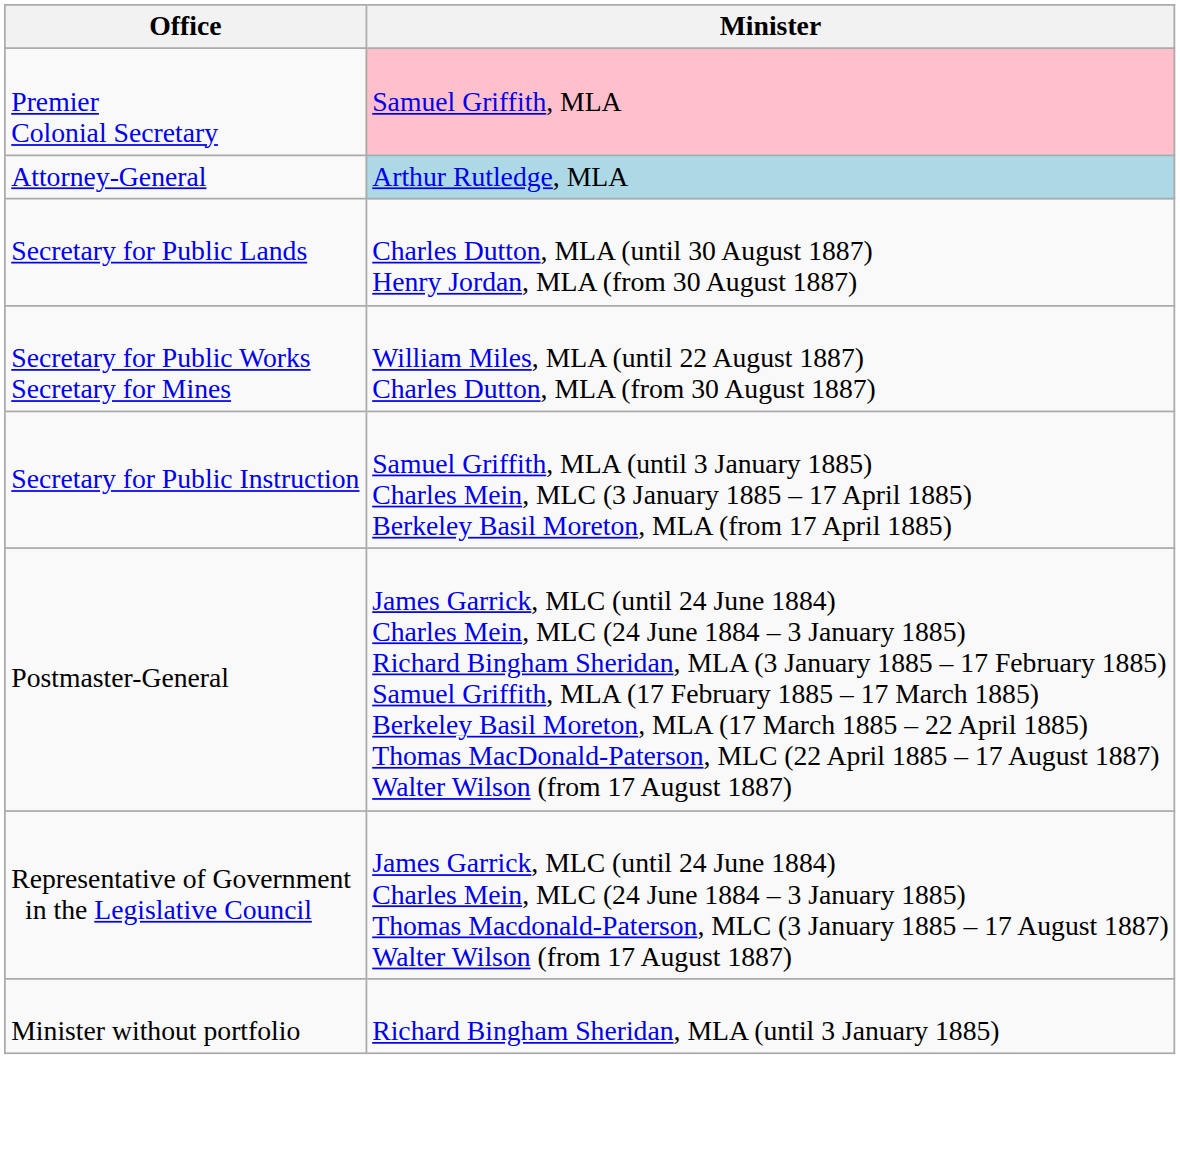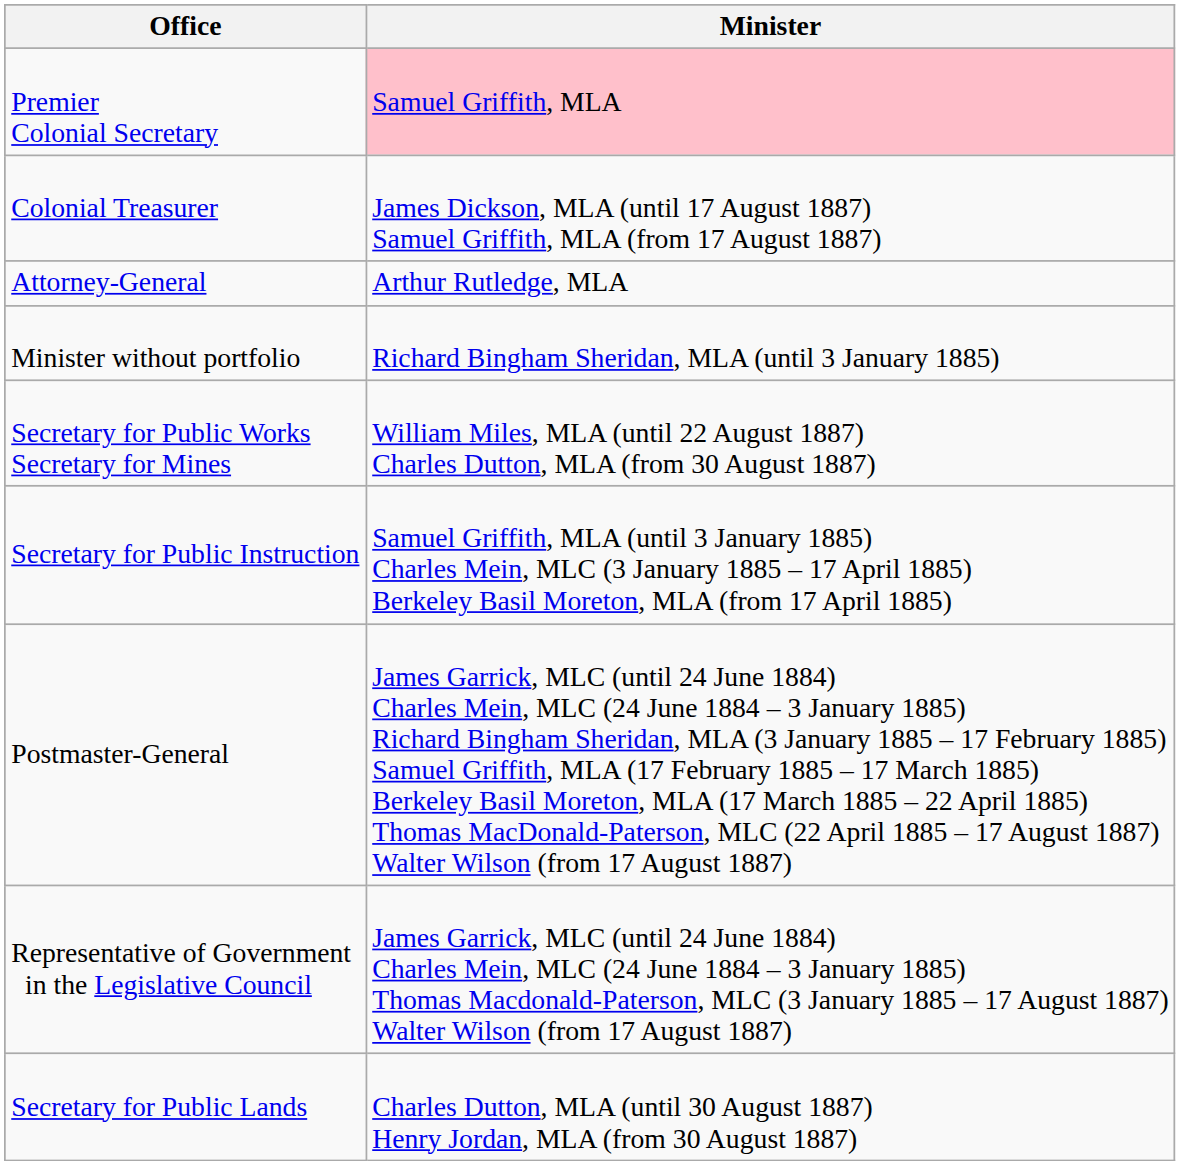 <table class="wikitable">
 <tr>
 <th>Office</th>
 <th>Minister</th>
 </tr>
 <tr>
 <td><br><a href='#'>Premier</a><br> <a href='#'>Colonial Secretary</a><br></td>
 <td style="background: pink;"><a href='#'>Samuel Griffith</a>, MLA</td>
 </tr>
 <tr>
-<td><a href='#'>Attorney-General</a></td>
-<td style="background: lightblue;"><a href='#'>Arthur Rutledge</a>, MLA</td>
+<td><a href='#'>Colonial Treasurer</a></td>
+<td><br><a href='#'>James Dickson</a>, MLA (until 17 August 1887)<br> <a href='#'>Samuel Griffith</a>, MLA (from 17 August 1887)</td>
 </tr>
 <tr>
-<td><a href='#'>Secretary for Public Lands</a></td>
-<td><br><a href='#'>Charles Dutton</a>, MLA (until 30 August 1887)<br> <a href='#'>Henry Jordan</a>, MLA (from 30 August 1887)<br></td>
+<td><a href='#'>Attorney-General</a></td>
+<td><a href='#'>Arthur Rutledge</a>, MLA</td>
+</tr>
+<tr>
+<td><br>Minister without portfolio<br></td>
+<td><br><a href='#'>Richard Bingham Sheridan</a>, MLA (until 3 January 1885)<br></td>
 </tr>
 <tr>
 <td><br><a href='#'>Secretary for Public Works</a><br> <a href='#'>Secretary for Mines</a></td>
 <td><br><a href='#'>William Miles</a>, MLA (until 22 August 1887)<br> <a href='#'>Charles Dutton</a>, MLA (from 30 August 1887)</td>
 </tr>
 <tr>
 <td><a href='#'>Secretary for Public Instruction</a></td>
 <td><br><a href='#'>Samuel Griffith</a>, MLA (until 3 January 1885)<br> <a href='#'>Charles Mein</a>, MLC (3 January 1885 – 17 April 1885)<br> <a href='#'>Berkeley Basil Moreton</a>, MLA (from 17 April 1885)</td>
 </tr>
 <tr>
 <td>Postmaster-General</td>
 <td><br><a href='#'>James Garrick</a>, MLC (until 24 June 1884)<br> <a href='#'>Charles Mein</a>, MLC (24 June 1884 – 3 January 1885)<br> <a href='#'>Richard Bingham Sheridan</a>, MLA (3 January 1885 – 17 February 1885)<br> <a href='#'>Samuel Griffith</a>, MLA (17 February 1885 – 17 March 1885)<br> <a href='#'>Berkeley Basil Moreton</a>, MLA (17 March 1885 – 22 April 1885)<br> <a href='#'>Thomas MacDonald-Paterson</a>, MLC (22 April 1885 – 17 August 1887)<br> <a href='#'>Walter Wilson</a> (from 17 August 1887)</td>
 </tr>
 <tr>
 <td>Representative of Government<br>  in the <a href='#'>Legislative Council</a></td>
 <td><br><a href='#'>James Garrick</a>, MLC (until 24 June 1884)<br> <a href='#'>Charles Mein</a>, MLC (24 June 1884 – 3 January 1885)<br> <a href='#'>Thomas Macdonald-Paterson</a>, MLC (3 January 1885 – 17 August 1887)<br> <a href='#'>Walter Wilson</a> (from 17 August 1887)</td>
 </tr>
 <tr>
-<td><br>Minister without portfolio<br></td>
-<td><br><a href='#'>Richard Bingham Sheridan</a>, MLA (until 3 January 1885)<br></td>
+<td><a href='#'>Secretary for Public Lands</a></td>
+<td><br><a href='#'>Charles Dutton</a>, MLA (until 30 August 1887)<br> <a href='#'>Henry Jordan</a>, MLA (from 30 August 1887)<br></td>
 </tr>
 </table>
